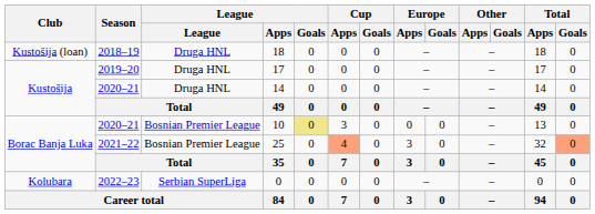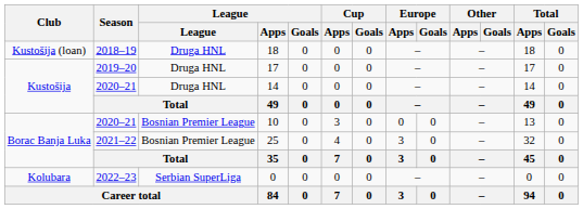 <table class="wikitable" style="text-align:center">
 <tr>
 <th rowspan="2">Club</th>
 <th rowspan="2">Season</th>
 <th colspan="3">League</th>
 <th colspan="2">Cup</th>
 <th colspan="2">Europe</th>
 <th colspan="2">Other</th>
 <th colspan="2">Total</th>
 </tr>
 <tr>
 <th>League</th>
 <th>Apps</th>
 <th>Goals</th>
 <th>Apps</th>
 <th>Goals</th>
 <th>Apps</th>
 <th>Goals</th>
 <th>Apps</th>
 <th>Goals</th>
 <th>Apps</th>
 <th>Goals</th>
 </tr>
 <tr>
 <td><a href='#'>Kustošija</a> (loan)</td>
 <td><a href='#'>2018–19</a></td>
 <td><a href='#'>Druga HNL</a></td>
 <td>18</td>
 <td>0</td>
 <td>0</td>
 <td>0</td>
 <td colspan="2">–</td>
 <td colspan="2">–</td>
 <td>18</td>
 <td>0</td>
 </tr>
 <tr>
 <td rowspan="3"><a href='#'>Kustošija</a></td>
 <td><a href='#'>2019–20</a></td>
 <td>Druga HNL</td>
 <td>17</td>
 <td>0</td>
 <td>0</td>
 <td>0</td>
 <td colspan="2">–</td>
 <td colspan="2">–</td>
 <td>17</td>
 <td>0</td>
 </tr>
 <tr>
 <td><a href='#'>2020–21</a></td>
 <td>Druga HNL</td>
 <td>14</td>
 <td>0</td>
 <td>0</td>
 <td>0</td>
 <td colspan="2">–</td>
 <td colspan="2">–</td>
 <td>14</td>
 <td>0</td>
 </tr>
 <tr>
 <th colspan="2">Total</th>
 <th>49</th>
 <th>0</th>
 <th>0</th>
 <th>0</th>
 <th colspan="2">–</th>
 <th colspan="2">–</th>
 <th>49</th>
 <th>0</th>
 </tr>
 <tr>
 <td rowspan="3"><a href='#'>Borac Banja Luka</a></td>
 <td><a href='#'>2020–21</a></td>
 <td><a href='#'>Bosnian Premier League</a></td>
 <td>10</td>
-<td style="background: khaki;">0</td>
+<td>0</td>
 <td>3</td>
 <td>0</td>
 <td>0</td>
 <td>0</td>
 <td colspan="2">–</td>
 <td>13</td>
 <td>0</td>
 </tr>
 <tr>
 <td><a href='#'>2021–22</a></td>
 <td>Bosnian Premier League</td>
 <td>25</td>
 <td>0</td>
-<td style="background: lightsalmon;">4</td>
+<td>4</td>
 <td>0</td>
 <td>3</td>
 <td>0</td>
 <td colspan="2">–</td>
 <td>32</td>
-<td style="background: lightsalmon;">0</td>
+<td>0</td>
 </tr>
 <tr>
 <th colspan="2">Total</th>
 <th>35</th>
 <th>0</th>
 <th>7</th>
 <th>0</th>
 <th>3</th>
 <th>0</th>
 <th colspan="2">–</th>
 <th>45</th>
 <th>0</th>
 </tr>
 <tr>
 <td><a href='#'>Kolubara</a></td>
 <td><a href='#'>2022–23</a></td>
 <td><a href='#'>Serbian SuperLiga</a></td>
 <td>0</td>
 <td>0</td>
 <td>0</td>
 <td>0</td>
 <td colspan="2">–</td>
 <td colspan="2">–</td>
 <td>0</td>
 <td>0</td>
 </tr>
 <tr>
 <th colspan="3">Career total</th>
 <th>84</th>
 <th>0</th>
 <th>7</th>
 <th>0</th>
 <th>3</th>
 <th>0</th>
 <th colspan="2">–</th>
 <th>94</th>
 <th>0</th>
 </tr>
 </table>
